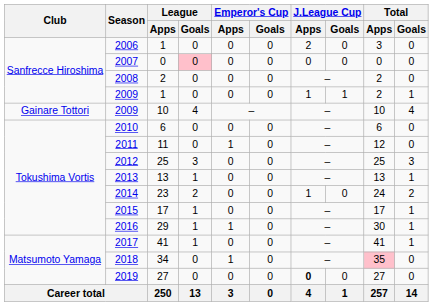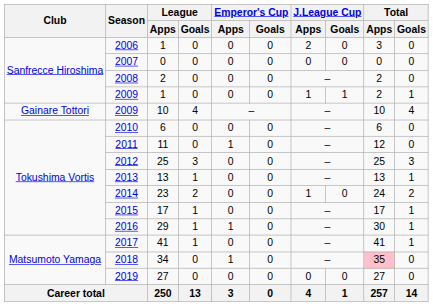 <table class="wikitable" style="text-align:center">
 <tr>
 <th rowspan=2>Club</th>
 <th rowspan=2>Season</th>
 <th colspan=2>League</th>
 <th colspan=2><a href='#'>Emperor's Cup</a></th>
 <th colspan=2><a href='#'>J.League Cup</a></th>
 <th colspan=2>Total</th>
 </tr>
 <tr>
 <th>Apps</th>
 <th>Goals</th>
 <th>Apps</th>
 <th>Goals</th>
 <th>Apps</th>
 <th>Goals</th>
 <th>Apps</th>
 <th>Goals</th>
 </tr>
 <tr>
 <td rowspan="4"><a href='#'>Sanfrecce Hiroshima</a></td>
 <td><a href='#'>2006</a></td>
 <td>1</td>
 <td>0</td>
 <td>0</td>
 <td>0</td>
 <td>2</td>
 <td>0</td>
 <td>3</td>
 <td>0</td>
 </tr>
 <tr>
 <td><a href='#'>2007</a></td>
 <td>0</td>
-<td style="background: pink;">0</td>
+<td>0</td>
 <td>0</td>
 <td>0</td>
 <td>0</td>
 <td>0</td>
 <td>0</td>
 <td>0</td>
 </tr>
 <tr>
 <td><a href='#'>2008</a></td>
 <td>2</td>
 <td>0</td>
 <td>0</td>
 <td>0</td>
 <td colspan="2">–</td>
 <td>2</td>
 <td>0</td>
 </tr>
 <tr>
 <td><a href='#'>2009</a></td>
 <td>1</td>
 <td>0</td>
 <td>0</td>
 <td>0</td>
 <td>1</td>
 <td>1</td>
 <td>2</td>
 <td>1</td>
 </tr>
 <tr>
 <td><a href='#'>Gainare Tottori</a></td>
 <td><a href='#'>2009</a></td>
 <td>10</td>
 <td>4</td>
 <td colspan="2">–</td>
 <td colspan="2">–</td>
 <td>10</td>
 <td>4</td>
 </tr>
 <tr>
 <td rowspan="7"><a href='#'>Tokushima Vortis</a></td>
 <td><a href='#'>2010</a></td>
 <td>6</td>
 <td>0</td>
 <td>0</td>
 <td>0</td>
 <td colspan="2">–</td>
 <td>6</td>
 <td>0</td>
 </tr>
 <tr>
 <td><a href='#'>2011</a></td>
 <td>11</td>
 <td>0</td>
 <td>1</td>
 <td>0</td>
 <td colspan="2">–</td>
 <td>12</td>
 <td>0</td>
 </tr>
 <tr>
 <td><a href='#'>2012</a></td>
 <td>25</td>
 <td>3</td>
 <td>0</td>
 <td>0</td>
 <td colspan="2">–</td>
 <td>25</td>
 <td>3</td>
 </tr>
 <tr>
 <td><a href='#'>2013</a></td>
 <td>13</td>
 <td>1</td>
 <td>0</td>
 <td>0</td>
 <td colspan="2">–</td>
 <td>13</td>
 <td>1</td>
 </tr>
 <tr>
 <td><a href='#'>2014</a></td>
 <td>23</td>
 <td>2</td>
 <td>0</td>
 <td>0</td>
 <td>1</td>
 <td>0</td>
 <td>24</td>
 <td>2</td>
 </tr>
 <tr>
 <td><a href='#'>2015</a></td>
 <td>17</td>
 <td>1</td>
 <td>0</td>
 <td>0</td>
 <td colspan="2">–</td>
 <td>17</td>
 <td>1</td>
 </tr>
 <tr>
 <td><a href='#'>2016</a></td>
 <td>29</td>
 <td>1</td>
 <td>1</td>
 <td>0</td>
 <td colspan="2">–</td>
 <td>30</td>
 <td>1</td>
 </tr>
 <tr>
 <td rowspan="3"><a href='#'>Matsumoto Yamaga</a></td>
 <td><a href='#'>2017</a></td>
 <td>41</td>
 <td>1</td>
 <td>0</td>
 <td>0</td>
 <td colspan="2">–</td>
 <td>41</td>
 <td>1</td>
 </tr>
 <tr>
 <td><a href='#'>2018</a></td>
 <td>34</td>
 <td>0</td>
 <td>1</td>
 <td>0</td>
 <td colspan="2">–</td>
 <td style="background: pink;">35</td>
 <td>0</td>
 </tr>
 <tr>
 <td><a href='#'>2019</a></td>
 <td>27</td>
 <td>0</td>
 <td>0</td>
 <td>0</td>
-<td><strong>0</strong></td>
+<td>0</td>
 <td>0</td>
 <td>27</td>
 <td>0</td>
 </tr>
 <tr>
 <th colspan=2>Career total</th>
 <th>250</th>
 <th>13</th>
 <th>3</th>
 <th>0</th>
 <th>4</th>
 <th>1</th>
 <th>257</th>
 <th>14</th>
 </tr>
 </table>
